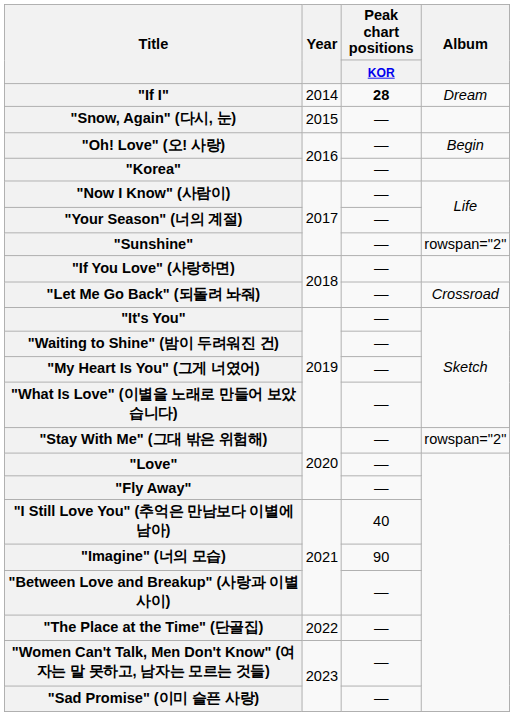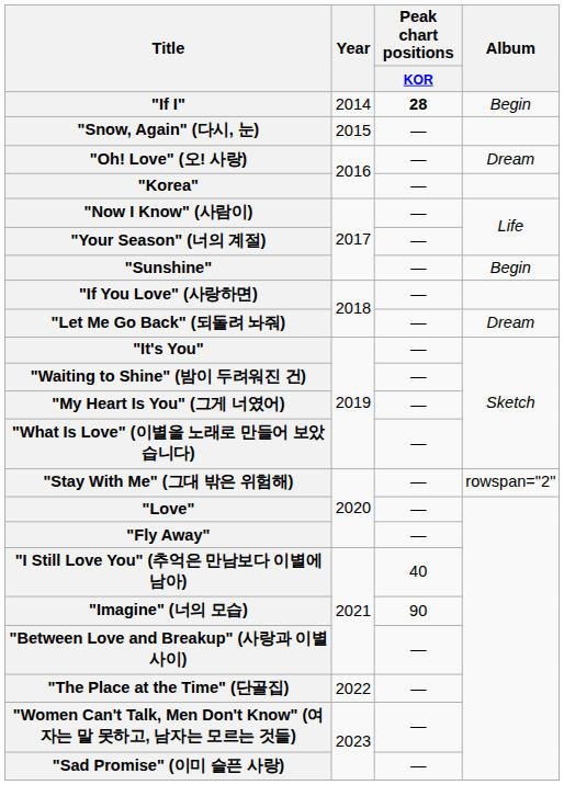 <table class="wikitable plainrowheaders" style="text-align:center;">
 <tr>
 <th rowspan="2" scope="col" style="width:20em;">Title</th>
 <th rowspan="2" scope="col">Year</th>
 <th colspan="1" scope="col" style="width:5em;">Peak chart positions</th>
 <th rowspan="2">Album</th>
 </tr>
 <tr>
 <th><small><a href='#'>KOR</a></small><br></th>
 </tr>
 <tr>
 <th scope="row">"If I"</th>
 <td>2014</td>
 <td><strong>28</strong></td>
-<td><em>Dream</em></td>
+<td><em>Begin</em></td>
 </tr>
 <tr>
 <th scope="row">"Snow, Again" (다시, 눈)</th>
 <td>2015</td>
 <td>—</td>
 <td></td>
 </tr>
 <tr>
 <th scope="row">"Oh! Love" (오! 사랑)</th>
 <td rowspan="2">2016</td>
 <td>—</td>
-<td><em>Begin</em></td>
+<td><em>Dream</em></td>
 </tr>
 <tr>
 <th scope="row">"Korea"</th>
 <td>—</td>
 <td></td>
 </tr>
 <tr>
 <th scope="row">"Now I Know" (사람이) </th>
 <td rowspan="3">2017</td>
 <td>—</td>
 <td rowspan="2"><em>Life</em></td>
 </tr>
 <tr>
 <th scope="row">"Your Season" (너의 계절)</th>
 <td>—</td>
 </tr>
 <tr>
 <th scope="row">"Sunshine"</th>
 <td>—</td>
-<td>rowspan="2" </td>
+<td><em>Begin</em></td>
 </tr>
 <tr>
 <th scope="row">"If You Love" (사랑하면)</th>
 <td rowspan="2">2018</td>
 <td>—</td>
 </tr>
 <tr>
 <th scope="row">"Let Me Go Back" (되돌려 놔줘)</th>
 <td>—</td>
-<td><em>Crossroad</em></td>
+<td><em>Dream</em></td>
 </tr>
 <tr>
 <th scope="row">"It's You"</th>
 <td rowspan="4">2019</td>
 <td>—</td>
 <td rowspan="4"><em>Sketch</em></td>
 </tr>
 <tr>
 <th scope="row">"Waiting to Shine" (밤이 두려워진 건)</th>
 <td>—</td>
 </tr>
 <tr>
 <th scope="row">"My Heart Is You" (그게 너였어)</th>
 <td>—</td>
 </tr>
 <tr>
 <th scope="row">"What Is Love" (이별을 노래로 만들어 보았습니다)</th>
 <td>—</td>
 </tr>
 <tr>
 <th scope="row">"Stay With Me" (그대 밖은 위험해)</th>
 <td rowspan="3">2020</td>
 <td>—</td>
 <td>rowspan="2" </td>
 </tr>
 <tr>
 <th scope="row">"Love"</th>
 <td>—</td>
 </tr>
 <tr>
 <th scope="row">"Fly Away"</th>
 <td>—</td>
 </tr>
 <tr>
 <th scope="row">"I Still Love You" (추억은 만남보다 이별에 남아)</th>
 <td rowspan="3">2021</td>
 <td>40</td>
 </tr>
 <tr>
 <th scope="row">"Imagine" (너의 모습)</th>
 <td>90</td>
 </tr>
 <tr>
 <th scope="row">"Between Love and Breakup" (사랑과 이별 사이)</th>
 <td>—</td>
 </tr>
 <tr>
 <th scope="row">"The Place at the Time" (단골집)</th>
 <td>2022</td>
 <td>—</td>
 </tr>
 <tr>
 <th scope="row">"Women Can't Talk, Men Don't Know" (여자는 말 못하고, 남자는 모르는 것들)</th>
 <td rowspan="2">2023</td>
 <td>—</td>
 </tr>
 <tr>
 <th scope="row">"Sad Promise" (이미 슬픈 사랑)</th>
 <td>—</td>
 </tr>
 </table>
